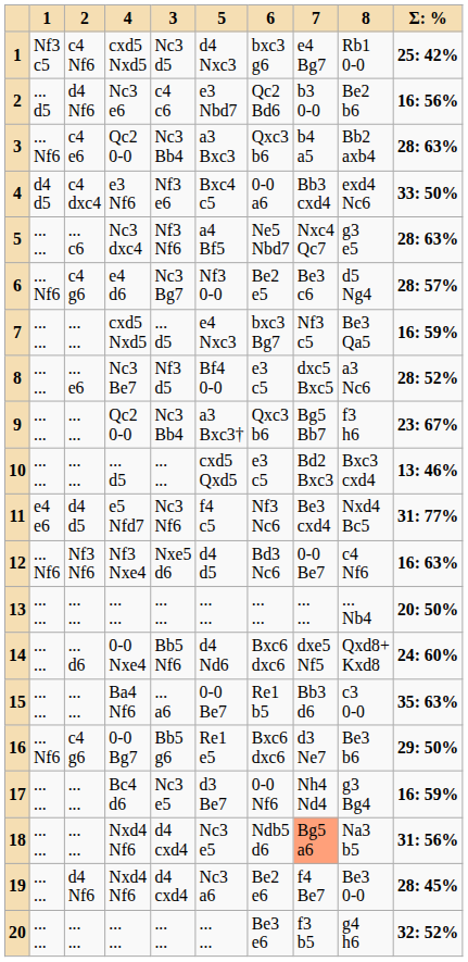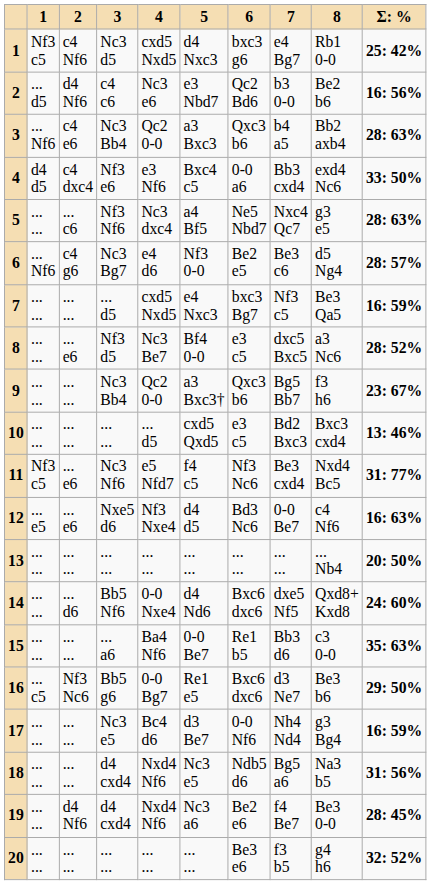 <table class="wikitable">
 <tr>
 <th style="background-color: #f5deb3;"> </th>
 <th style="background-color: #f5deb3;">1</th>
 <th style="background-color: #f5deb3;">2</th>
+<th style="background-color: #f5deb3;">3</th>
 <th style="background-color: #f5deb3;">4</th>
-<th style="background-color: #f5deb3;">3</th>
 <th style="background-color: #f5deb3;">5</th>
 <th style="background-color: #f5deb3;">6</th>
 <th style="background-color: #f5deb3;">7</th>
 <th style="background-color: #f5deb3;">8</th>
 <th style="background-color: #f5deb3; font-family: Times New Roman, serif;">Σ: %</th>
 </tr>
 <tr>
 <th style="background-color: #f5deb3;">1</th>
 <td>Nf3<br>c5</td>
 <td>c4<br>Nf6</td>
+<td>Nc3<br>d5</td>
 <td>cxd5<br>Nxd5</td>
-<td>Nc3<br>d5</td>
 <td>d4<br>Nxc3</td>
 <td>bxc3<br>g6</td>
 <td>e4<br>Bg7</td>
 <td>Rb1<br>0-0</td>
 <td><strong>25: 42%</strong></td>
 </tr>
 <tr>
 <th style="background-color: #f5deb3;">2</th>
 <td>...<br>d5</td>
 <td>d4<br>Nf6</td>
+<td>c4<br>c6</td>
 <td>Nc3<br>e6</td>
-<td>c4<br>c6</td>
 <td>e3<br>Nbd7</td>
 <td>Qc2<br>Bd6</td>
 <td>b3<br>0-0</td>
 <td>Be2<br>b6</td>
 <td><strong>16: 56%</strong></td>
 </tr>
 <tr>
 <th style="background-color: #f5deb3;">3</th>
 <td>...<br>Nf6</td>
 <td>c4<br>e6</td>
+<td>Nc3<br>Bb4</td>
 <td>Qc2<br>0-0</td>
-<td>Nc3<br>Bb4</td>
 <td>a3<br>Bxc3</td>
 <td>Qxc3<br>b6</td>
 <td>b4<br>a5</td>
 <td>Bb2<br>axb4</td>
 <td><strong>28: 63%</strong></td>
 </tr>
 <tr>
 <th style="background-color: #f5deb3;">4</th>
 <td>d4<br>d5</td>
 <td>c4<br>dxc4</td>
+<td>Nf3<br>e6</td>
 <td>e3<br>Nf6</td>
-<td>Nf3<br>e6</td>
 <td>Bxc4<br>c5</td>
 <td>0-0<br>a6</td>
 <td>Bb3<br>cxd4</td>
 <td>exd4<br>Nc6</td>
 <td><strong>33: 50%</strong></td>
 </tr>
 <tr>
 <th style="background-color: #f5deb3;">5</th>
 <td>...<br>...</td>
 <td>...<br>c6</td>
+<td>Nf3<br>Nf6</td>
 <td>Nc3<br>dxc4</td>
-<td>Nf3<br>Nf6</td>
 <td>a4<br>Bf5</td>
 <td>Ne5<br>Nbd7</td>
 <td>Nxc4<br>Qc7</td>
 <td>g3<br>e5</td>
 <td><strong>28: 63%</strong></td>
 </tr>
 <tr>
 <th style="background-color: #f5deb3;">6</th>
 <td>...<br>Nf6</td>
 <td>c4<br>g6</td>
+<td>Nc3<br>Bg7</td>
 <td>e4<br>d6</td>
-<td>Nc3<br>Bg7</td>
 <td>Nf3<br>0-0</td>
 <td>Be2<br>e5</td>
 <td>Be3<br>c6</td>
 <td>d5<br>Ng4</td>
 <td><strong>28: 57%</strong></td>
 </tr>
 <tr>
 <th style="background-color: #f5deb3;">7</th>
 <td>...<br>...</td>
 <td>...<br>...</td>
+<td>...<br>d5</td>
 <td>cxd5<br>Nxd5</td>
-<td>...<br>d5</td>
 <td>e4<br>Nxc3</td>
 <td>bxc3<br>Bg7</td>
 <td>Nf3<br>c5</td>
 <td>Be3<br>Qa5</td>
 <td><strong>16: 59%</strong></td>
 </tr>
 <tr>
 <th style="background-color: #f5deb3;">8</th>
 <td>...<br>...</td>
 <td>...<br>e6</td>
+<td>Nf3<br>d5</td>
 <td>Nc3<br>Be7</td>
-<td>Nf3<br>d5</td>
 <td>Bf4<br>0-0</td>
 <td>e3<br>c5</td>
 <td>dxc5<br>Bxc5</td>
 <td>a3<br>Nc6</td>
 <td><strong>28: 52%</strong></td>
 </tr>
 <tr>
 <th style="background-color: #f5deb3;">9</th>
 <td>...<br>...</td>
 <td>...<br>...</td>
+<td>Nc3<br>Bb4</td>
 <td>Qc2<br>0-0</td>
-<td>Nc3<br>Bb4</td>
 <td>a3<br>Bxc3†</td>
 <td>Qxc3<br>b6</td>
 <td>Bg5<br>Bb7</td>
 <td>f3<br>h6</td>
 <td><strong>23: 67%</strong></td>
 </tr>
 <tr>
 <th style="background-color: #f5deb3;">10</th>
 <td>...<br>...</td>
 <td>...<br>...</td>
+<td>...<br>...</td>
 <td>...<br>d5</td>
-<td>...<br>...</td>
 <td>cxd5<br>Qxd5</td>
 <td>e3<br>c5</td>
 <td>Bd2<br>Bxc3</td>
 <td>Bxc3<br>cxd4</td>
 <td><strong>13: 46%</strong></td>
 </tr>
 <tr>
 <th style="background-color: #f5deb3;">11</th>
-<td>e4<br>e6</td>
-<td>d4<br>d5</td>
+<td>Nf3<br>c5</td>
+<td>...<br>e6</td>
+<td>Nc3<br>Nf6</td>
 <td>e5<br>Nfd7</td>
-<td>Nc3<br>Nf6</td>
 <td>f4<br>c5</td>
 <td>Nf3<br>Nc6</td>
 <td>Be3<br>cxd4</td>
 <td>Nxd4<br>Bc5</td>
 <td><strong>31: 77%</strong></td>
 </tr>
 <tr>
 <th style="background-color: #f5deb3;">12</th>
-<td>...<br>Nf6</td>
-<td>Nf3<br>Nf6</td>
+<td>...<br>e5</td>
+<td>...<br>e6</td>
+<td>Nxe5<br>d6</td>
 <td>Nf3<br>Nxe4</td>
-<td>Nxe5<br>d6</td>
 <td>d4<br>d5</td>
 <td>Bd3<br>Nc6</td>
 <td>0-0<br>Be7</td>
 <td>c4<br>Nf6</td>
 <td><strong>16: 63%</strong></td>
 </tr>
 <tr>
 <th style="background-color: #f5deb3;">13</th>
 <td>...<br>...</td>
 <td>...<br>...</td>
 <td>...<br>...</td>
 <td>...<br>...</td>
 <td>...<br>...</td>
 <td>...<br>...</td>
 <td>...<br>...</td>
 <td>...<br>Nb4</td>
 <td><strong>20: 50%</strong></td>
 </tr>
 <tr>
 <th style="background-color: #f5deb3;">14</th>
 <td>...<br>...</td>
 <td>...<br>d6</td>
+<td>Bb5<br>Nf6</td>
 <td>0-0<br>Nxe4</td>
-<td>Bb5<br>Nf6</td>
 <td>d4<br>Nd6</td>
 <td>Bxc6<br>dxc6</td>
 <td>dxe5<br>Nf5</td>
 <td>Qxd8+<br>Kxd8</td>
 <td><strong>24: 60%</strong></td>
 </tr>
 <tr>
 <th style="background-color: #f5deb3;">15</th>
 <td>...<br>...</td>
 <td>...<br>...</td>
+<td>...<br>a6</td>
 <td>Ba4<br>Nf6</td>
-<td>...<br>a6</td>
 <td>0-0<br>Be7</td>
 <td>Re1<br>b5</td>
 <td>Bb3<br>d6</td>
 <td>c3<br>0-0</td>
 <td><strong>35: 63%</strong></td>
 </tr>
 <tr>
 <th style="background-color: #f5deb3;">16</th>
-<td>...<br>Nf6</td>
-<td>c4<br>g6</td>
+<td>...<br>c5</td>
+<td>Nf3<br>Nc6</td>
+<td>Bb5<br>g6</td>
 <td>0-0<br>Bg7</td>
-<td>Bb5<br>g6</td>
 <td>Re1<br>e5</td>
 <td>Bxc6<br>dxc6</td>
 <td>d3<br>Ne7</td>
 <td>Be3<br>b6</td>
 <td><strong>29: 50%</strong></td>
 </tr>
 <tr>
 <th style="background-color: #f5deb3;">17</th>
 <td>...<br>...</td>
 <td>...<br>...</td>
+<td>Nc3<br>e5</td>
 <td>Bc4<br>d6</td>
-<td>Nc3<br>e5</td>
 <td>d3<br>Be7</td>
 <td>0-0<br>Nf6</td>
 <td>Nh4<br>Nd4</td>
 <td>g3<br>Bg4</td>
 <td><strong>16: 59%</strong></td>
 </tr>
 <tr>
 <th style="background-color: #f5deb3;">18</th>
 <td>...<br>...</td>
 <td>...<br>...</td>
+<td>d4<br>cxd4</td>
 <td>Nxd4<br>Nf6</td>
-<td>d4<br>cxd4</td>
 <td>Nc3<br>e5</td>
 <td>Ndb5<br>d6</td>
-<td style="background: lightsalmon;">Bg5<br>a6</td>
+<td>Bg5<br>a6</td>
 <td>Na3<br>b5</td>
 <td><strong>31: 56%</strong></td>
 </tr>
 <tr>
 <th style="background-color: #f5deb3;">19</th>
 <td>...<br>...</td>
 <td>d4<br>Nf6</td>
+<td>d4<br>cxd4</td>
 <td>Nxd4<br>Nf6</td>
-<td>d4<br>cxd4</td>
 <td>Nc3<br>a6</td>
 <td>Be2<br>e6</td>
 <td>f4<br>Be7</td>
 <td>Be3<br>0-0</td>
 <td><strong>28: 45%</strong></td>
 </tr>
 <tr>
 <th style="background-color: #f5deb3;">20</th>
 <td>...<br>...</td>
 <td>...<br>...</td>
 <td>...<br>...</td>
 <td>...<br>...</td>
 <td>...<br>...</td>
 <td>Be3<br>e6</td>
 <td>f3<br>b5</td>
 <td>g4<br>h6</td>
 <td><strong>32: 52%</strong></td>
 </tr>
 </table>
